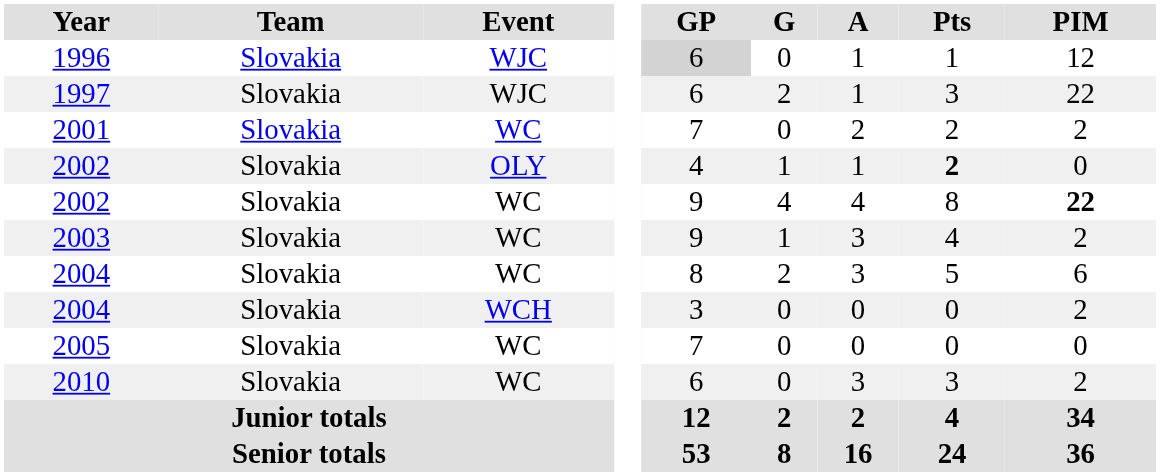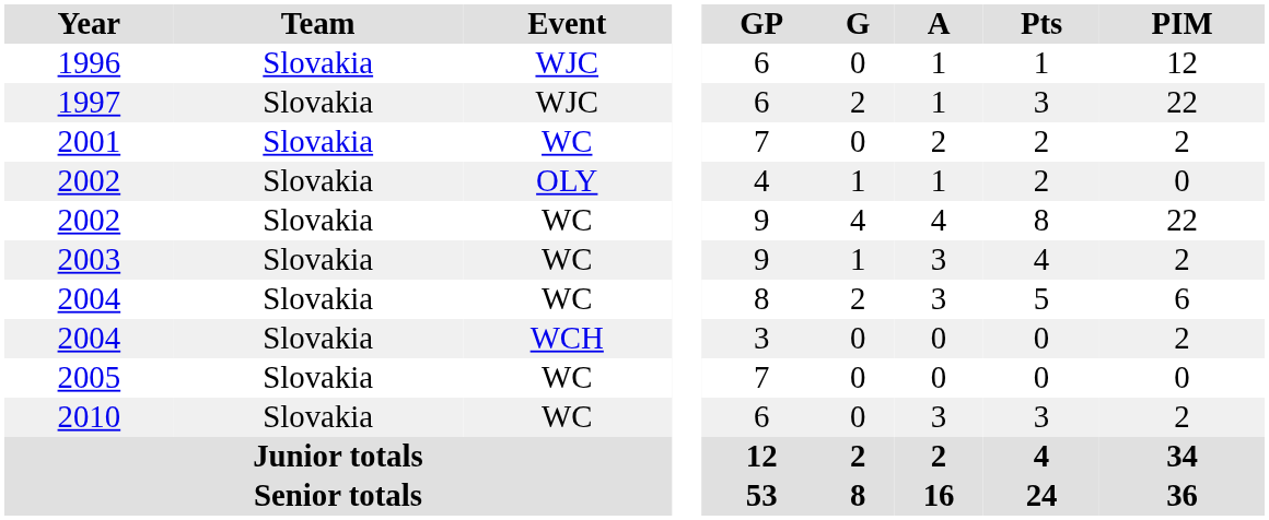 <table border="0" cellpadding="1" cellspacing="0" style="text-align:center; width:40em">
 <tr ALIGN="center" bgcolor="#e0e0e0">
 <th>Year</th>
 <th>Team</th>
 <th>Event</th>
 <th rowspan="99" bgcolor="#ffffff"> </th>
 <th>GP</th>
 <th>G</th>
 <th>A</th>
 <th>Pts</th>
 <th>PIM</th>
 </tr>
 <tr>
 <td><a href='#'>1996</a></td>
 <td><a href='#'>Slovakia</a></td>
 <td><a href='#'>WJC</a></td>
-<td style="background: lightgrey;">6</td>
+<td>6</td>
 <td>0</td>
 <td>1</td>
 <td>1</td>
 <td>12</td>
 </tr>
 <tr bgcolor="#f0f0f0">
 <td><a href='#'>1997</a></td>
 <td>Slovakia</td>
 <td>WJC</td>
 <td>6</td>
 <td>2</td>
 <td>1</td>
 <td>3</td>
 <td>22</td>
 </tr>
 <tr>
 <td><a href='#'>2001</a></td>
 <td><a href='#'>Slovakia</a></td>
 <td><a href='#'>WC</a></td>
 <td>7</td>
 <td>0</td>
 <td>2</td>
 <td>2</td>
 <td>2</td>
 </tr>
 <tr bgcolor="#f0f0f0">
 <td><a href='#'>2002</a></td>
 <td>Slovakia</td>
 <td><a href='#'>OLY</a></td>
 <td>4</td>
 <td>1</td>
 <td>1</td>
-<td><strong>2</strong></td>
+<td>2</td>
 <td>0</td>
 </tr>
 <tr>
 <td><a href='#'>2002</a></td>
 <td>Slovakia</td>
 <td>WC</td>
 <td>9</td>
 <td>4</td>
 <td>4</td>
 <td>8</td>
-<td><strong>22</strong></td>
+<td>22</td>
 </tr>
 <tr bgcolor="#f0f0f0">
 <td><a href='#'>2003</a></td>
 <td>Slovakia</td>
 <td>WC</td>
 <td>9</td>
 <td>1</td>
 <td>3</td>
 <td>4</td>
 <td>2</td>
 </tr>
 <tr>
 <td><a href='#'>2004</a></td>
 <td>Slovakia</td>
 <td>WC</td>
 <td>8</td>
 <td>2</td>
 <td>3</td>
 <td>5</td>
 <td>6</td>
 </tr>
 <tr bgcolor="#f0f0f0">
 <td><a href='#'>2004</a></td>
 <td>Slovakia</td>
 <td><a href='#'>WCH</a></td>
 <td>3</td>
 <td>0</td>
 <td>0</td>
 <td>0</td>
 <td>2</td>
 </tr>
 <tr>
 <td><a href='#'>2005</a></td>
 <td>Slovakia</td>
 <td>WC</td>
 <td>7</td>
 <td>0</td>
 <td>0</td>
 <td>0</td>
 <td>0</td>
 </tr>
 <tr bgcolor="#f0f0f0">
 <td><a href='#'>2010</a></td>
 <td>Slovakia</td>
 <td>WC</td>
 <td>6</td>
 <td>0</td>
 <td>3</td>
 <td>3</td>
 <td>2</td>
 </tr>
 <tr bgcolor="#e0e0e0">
 <th colspan=3>Junior totals</th>
 <th>12</th>
 <th>2</th>
 <th>2</th>
 <th>4</th>
 <th>34</th>
 </tr>
 <tr bgcolor="#e0e0e0">
 <th colspan=3>Senior totals</th>
 <th>53</th>
 <th>8</th>
 <th>16</th>
 <th>24</th>
 <th>36</th>
 </tr>
 </table>
